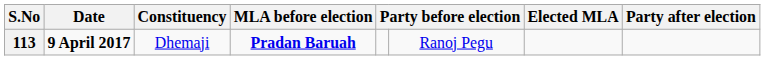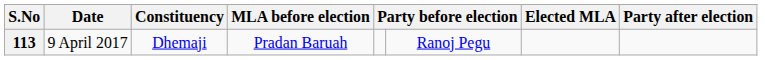 <table class="wikitable sortable" style="text-align:center;">
 <tr>
 <th>S.No</th>
 <th>Date</th>
 <th>Constituency</th>
 <th>MLA before election</th>
 <th colspan="2">Party before election</th>
 <th>Elected MLA</th>
 <th colspan="2">Party after election</th>
 </tr>
 <tr>
 <th>113</th>
-<td><strong>9 April 2017</strong></td>
+<td>9 April 2017</td>
 <td><a href='#'>Dhemaji</a></td>
-<td><strong><a href='#'>Pradan Baruah</a></strong></td>
+<td><a href='#'>Pradan Baruah</a></td>
 <td></td>
 <td><a href='#'>Ranoj Pegu</a></td>
 <td></td>
 </tr>
 </table>
